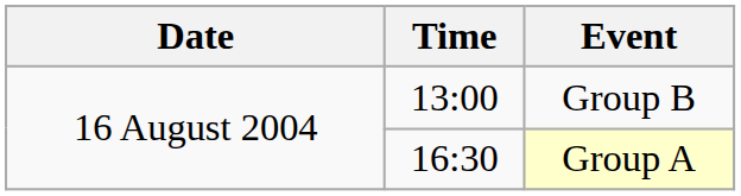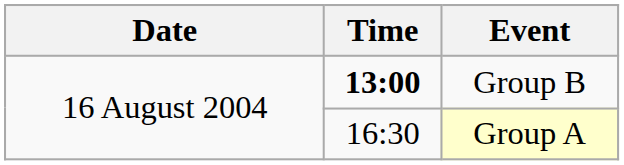 <table class = "wikitable" style="text-align:center;">
 <tr>
 <th width=150>Date</th>
 <th width=50>Time</th>
 <th width=80>Event</th>
 </tr>
 <tr>
 <td rowspan=2>16 August 2004</td>
-<td>13:00</td>
+<td><strong>13:00</strong></td>
 <td>Group B</td>
 </tr>
 <tr>
 <td>16:30</td>
 <td bgcolor=ffffcc>Group A</td>
 </tr>
 </table>
